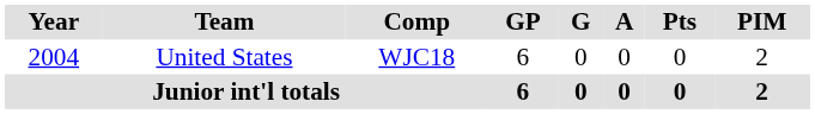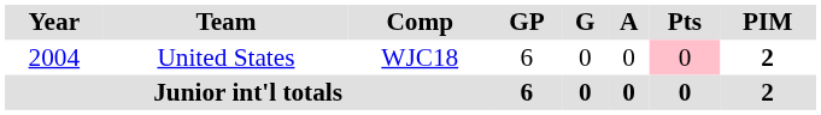 <table BORDER="0" CELLPADDING="2" CELLSPACING="0" width=40%>
 <tr ALIGN="center" bgcolor="#e0e0e0">
 <th>Year</th>
 <th>Team</th>
 <th>Comp</th>
 <th>GP</th>
 <th>G</th>
 <th>A</th>
 <th>Pts</th>
 <th>PIM</th>
 </tr>
 <tr ALIGN="center">
 <td><a href='#'>2004</a></td>
 <td><a href='#'>United States</a></td>
 <td><a href='#'>WJC18</a></td>
 <td>6</td>
 <td>0</td>
 <td>0</td>
-<td>0</td>
-<td>2</td>
+<td style="background: pink;">0</td>
+<td><strong>2</strong></td>
 </tr>
 <tr bgcolor="#e0e0e0">
 <th colspan="3">Junior int'l totals</th>
 <th>6</th>
 <th>0</th>
 <th>0</th>
 <th>0</th>
 <th>2</th>
 </tr>
 </table>
